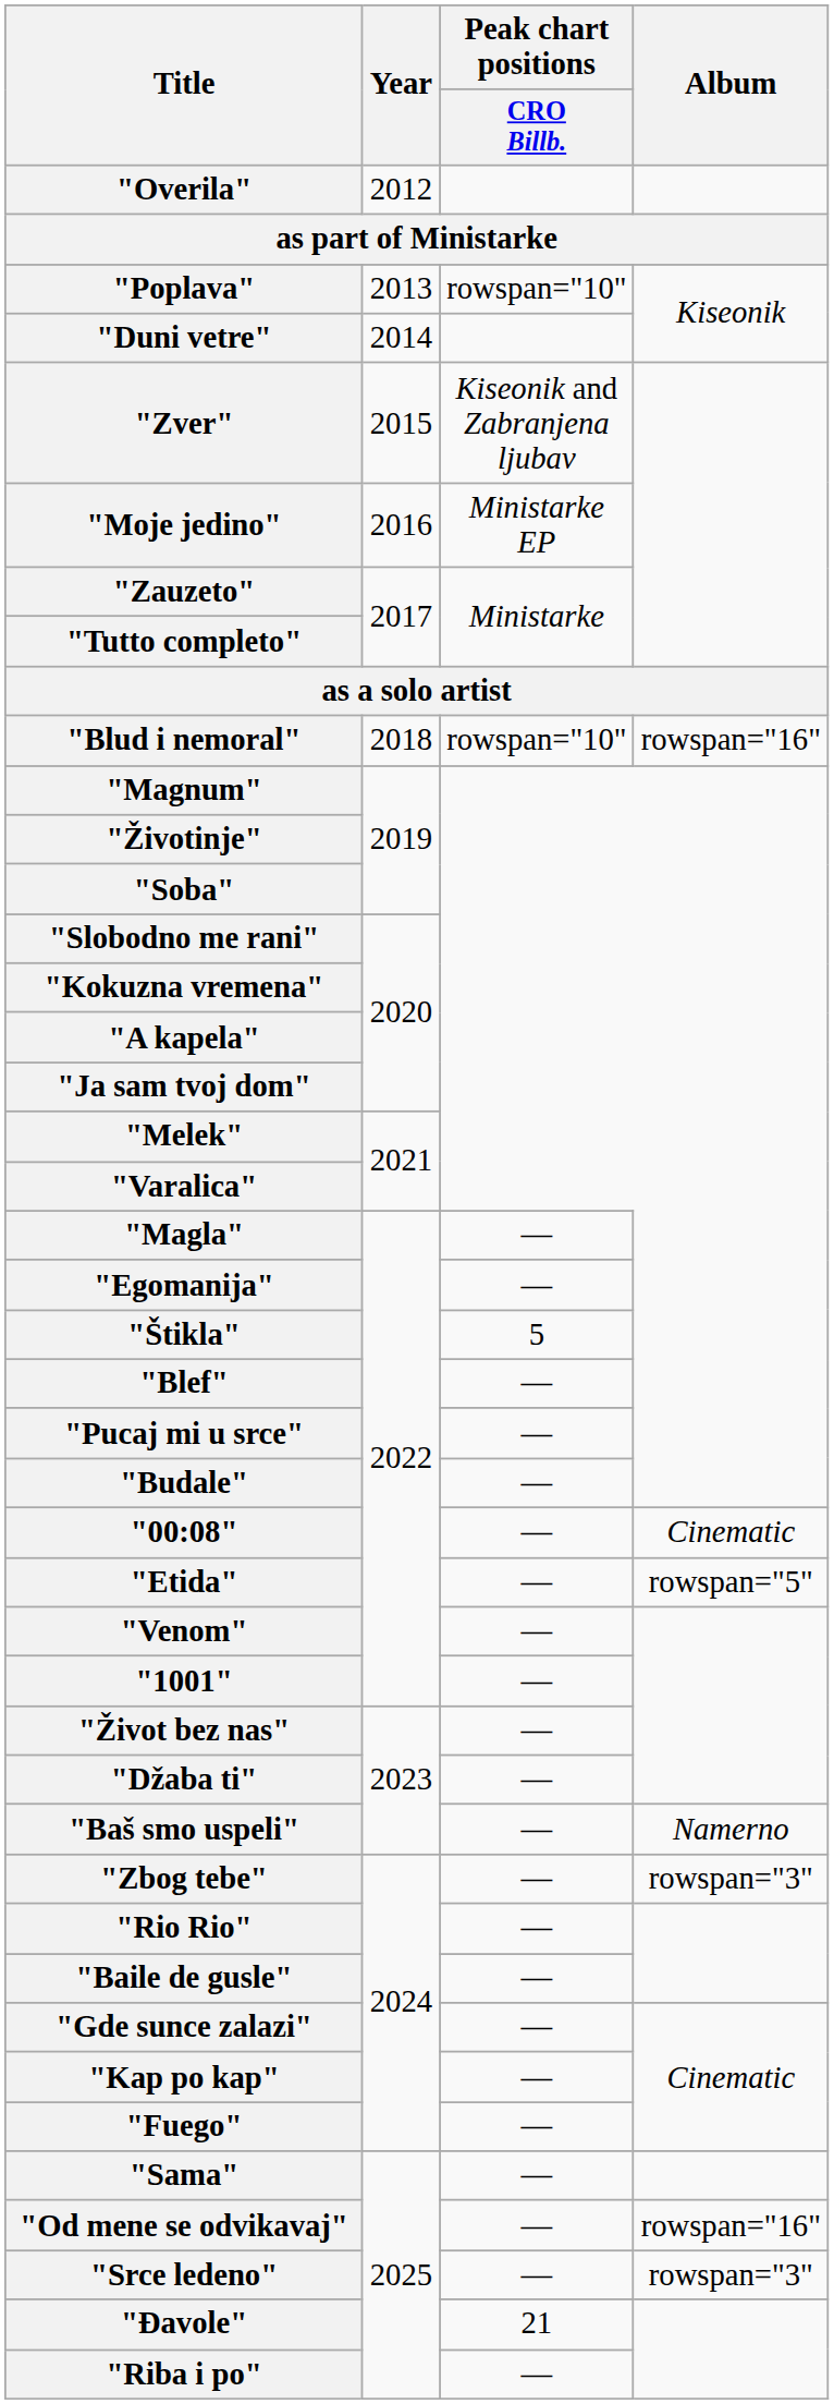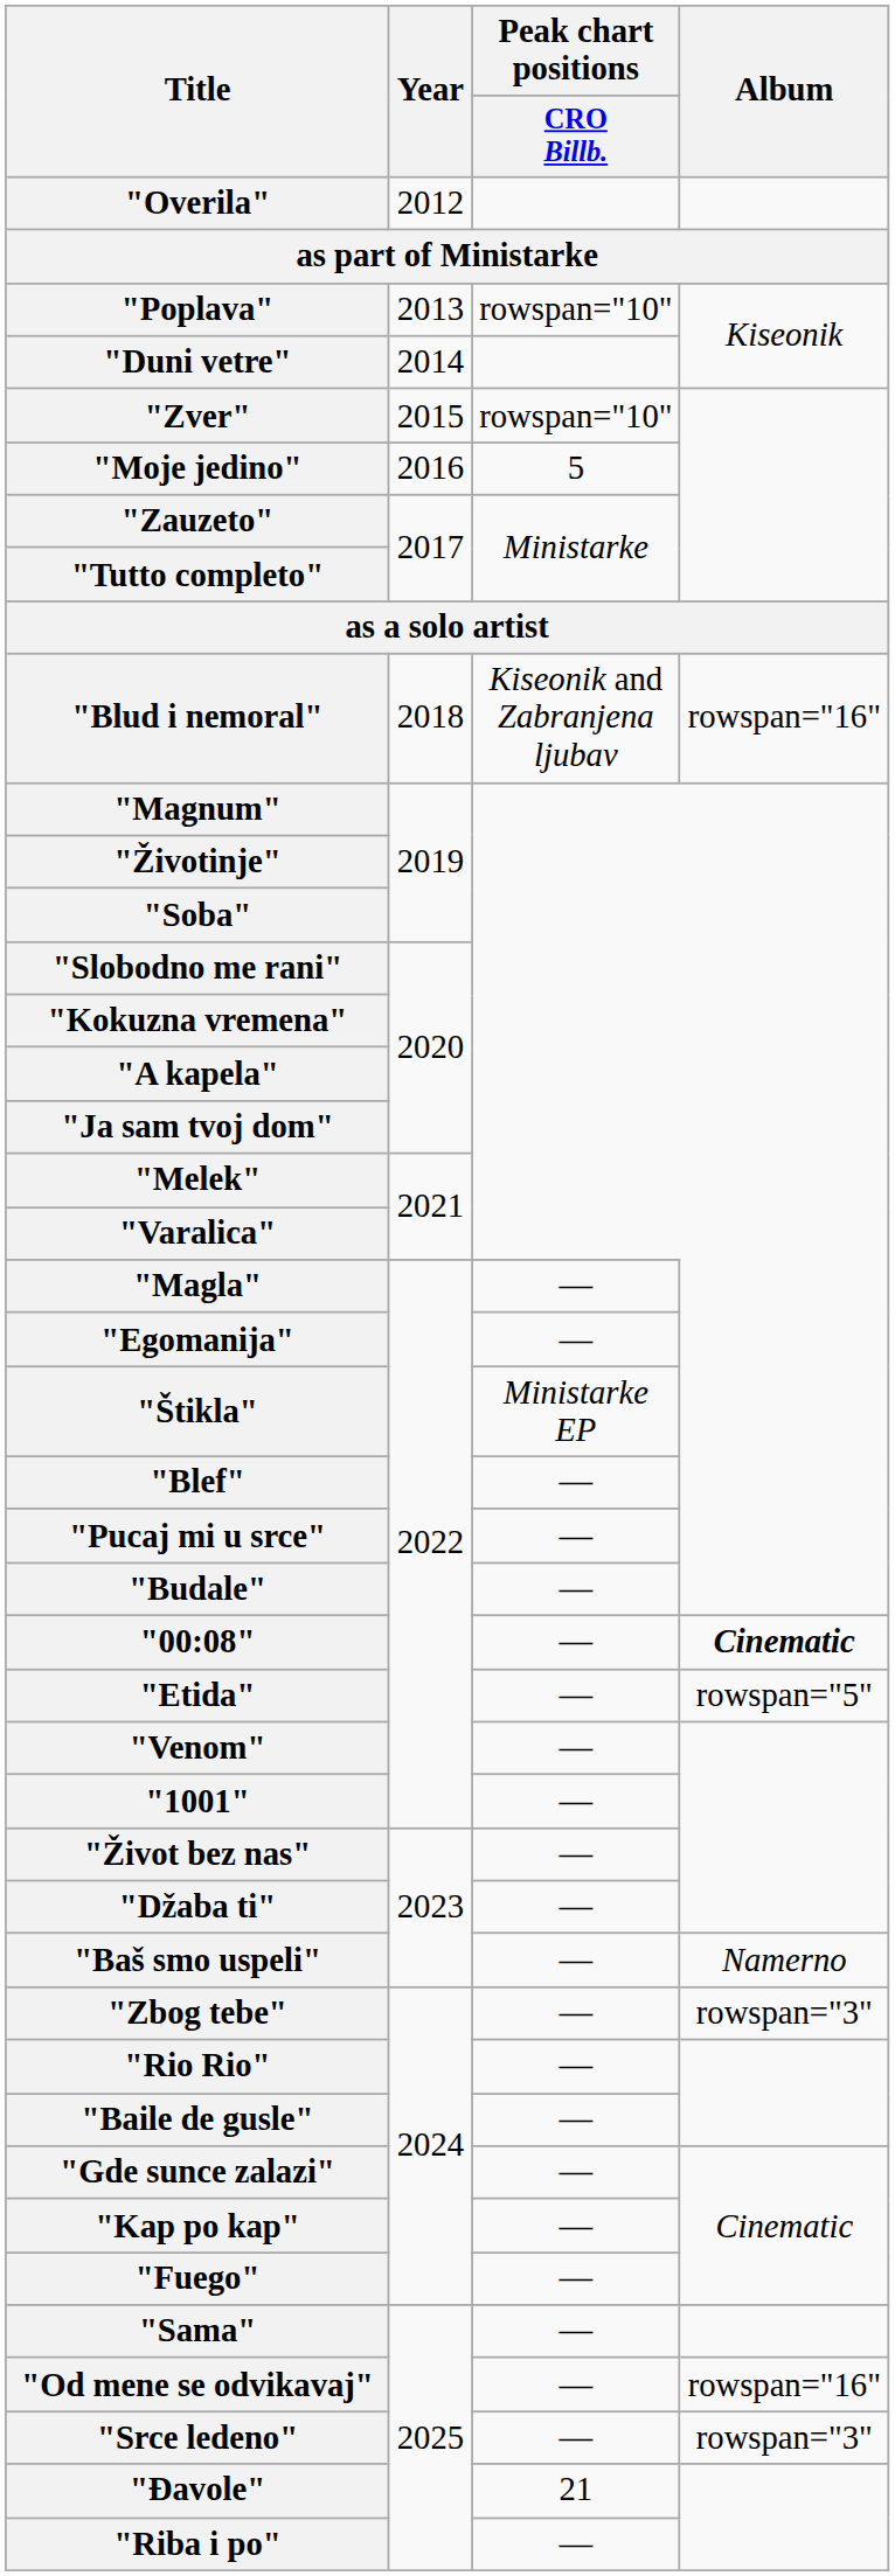 <table class="wikitable plainrowheaders" style="text-align:center;">
 <tr>
 <th rowspan="2" scope="col" style="width:11em;">Title</th>
 <th rowspan="2" scope="col">Year</th>
 <th>Peak chart positions</th>
 <th rowspan="2" scope="col">Album</th>
 </tr>
 <tr>
 <th style="width:2.5em; font-size:85%"><a href='#'>CRO<br><em>Billb.</em></a><br></th>
 </tr>
 <tr>
 <th scope="row">"Overila"</th>
 <td>2012</td>
 <td></td>
 <td></td>
 </tr>
 <tr>
 <th colspan="4" scope="col">as part of Ministarke</th>
 </tr>
 <tr>
 <th scope="row">"Poplava"<br></th>
 <td>2013</td>
 <td>rowspan="10" </td>
 <td rowspan="2"><em>Kiseonik</em></td>
 </tr>
 <tr>
 <th scope="row">"Duni vetre"</th>
 <td>2014</td>
 </tr>
 <tr>
 <th scope="row">"Zver"<br></th>
 <td>2015</td>
-<td><em>Kiseonik</em> and <em>Zabranjena ljubav</em></td>
+<td>rowspan="10" </td>
 </tr>
 <tr>
 <th scope="row">"Moje jedino"</th>
 <td>2016</td>
-<td><em>Ministarke EP</em></td>
+<td>5</td>
 </tr>
 <tr>
 <th scope="row">"Zauzeto"</th>
 <td rowspan="2">2017</td>
 <td rowspan="2"><em>Ministarke</em></td>
 </tr>
 <tr>
 <th scope="row">"Tutto completo"</th>
 </tr>
 <tr>
 <th colspan="4" scope="col">as a solo artist</th>
 </tr>
 <tr>
 <th scope="row">"Blud i nemoral"<br></th>
 <td>2018</td>
-<td>rowspan="10" </td>
+<td><em>Kiseonik</em> and <em>Zabranjena ljubav</em></td>
 <td>rowspan="16" </td>
 </tr>
 <tr>
 <th scope="row">"Magnum"</th>
 <td rowspan="3">2019</td>
 </tr>
 <tr>
 <th scope="row">"Životinje"</th>
 </tr>
 <tr>
 <th scope="row">"Soba"</th>
 </tr>
 <tr>
 <th scope="row">"Slobodno me rani"</th>
 <td rowspan="4">2020</td>
 </tr>
 <tr>
 <th scope="row">"Kokuzna vremena"</th>
 </tr>
 <tr>
 <th scope="row">"A kapela"</th>
 </tr>
 <tr>
 <th scope="row">"Ja sam tvoj dom"</th>
 </tr>
 <tr>
 <th scope="row">"Melek"</th>
 <td rowspan="2">2021</td>
 </tr>
 <tr>
 <th scope="row">"Varalica"<br></th>
 </tr>
 <tr>
 <th scope="row">"Magla"<br></th>
 <td rowspan="10">2022</td>
 <td>—</td>
 </tr>
 <tr>
 <th scope="row">"Egomanija"</th>
 <td>—</td>
 </tr>
 <tr>
 <th scope="row">"Štikla"</th>
-<td>5</td>
+<td><em>Ministarke EP</em></td>
 </tr>
 <tr>
 <th scope="row">"Blef"<br></th>
 <td>—</td>
 </tr>
 <tr>
 <th scope="row">"Pucaj mi u srce"</th>
 <td>—</td>
 </tr>
 <tr>
 <th scope="row">"Budale"<br></th>
 <td>—</td>
 </tr>
 <tr>
 <th scope="row">"00:08"</th>
 <td>—</td>
-<td><em>Cinematic</em></td>
+<td><strong><em>Cinematic</em></strong></td>
 </tr>
 <tr>
 <th scope="row">"Etida"<br></th>
 <td>—</td>
 <td>rowspan="5" </td>
 </tr>
 <tr>
 <th scope="row">"Venom"</th>
 <td>—</td>
 </tr>
 <tr>
 <th scope="row">"1001"</th>
 <td>—</td>
 </tr>
 <tr>
 <th scope="row">"Život bez nas"</th>
 <td rowspan="3">2023</td>
 <td>—</td>
 </tr>
 <tr>
 <th scope="row">"Džaba ti"</th>
 <td>—</td>
 </tr>
 <tr>
 <th scope="row">"Baš smo uspeli"<br></th>
 <td>—</td>
 <td><em>Namerno</em></td>
 </tr>
 <tr>
 <th scope="row">"Zbog tebe"<br></th>
 <td rowspan="6">2024</td>
 <td>—</td>
 <td>rowspan="3" </td>
 </tr>
 <tr>
 <th scope="row">"Rio Rio"<br></th>
 <td>—</td>
 </tr>
 <tr>
 <th scope="row">"Baile de gusle"<br></th>
 <td>—</td>
 </tr>
 <tr>
 <th scope="row">"Gde sunce zalazi"</th>
 <td>—</td>
 <td rowspan="3"><em>Cinematic</em></td>
 </tr>
 <tr>
 <th scope="row">"Kap po kap"</th>
 <td>—</td>
 </tr>
 <tr>
 <th scope="row">"Fuego"</th>
 <td>—</td>
 </tr>
 <tr>
 <th scope="row">"Sama"</th>
 <td rowspan="5">2025</td>
 <td>—</td>
 <td></td>
 </tr>
 <tr>
 <th scope="row">"Od mene se odvikavaj"</th>
 <td>—</td>
 <td>rowspan="16" </td>
 </tr>
 <tr>
 <th scope="row">"Srce ledeno"<br></th>
 <td>—</td>
 <td>rowspan="3" </td>
 </tr>
 <tr>
 <th scope="row">"Đavole"<br></th>
 <td>21</td>
 </tr>
 <tr>
 <th scope="row">"Riba i po"</th>
 <td>—</td>
 </tr>
 </table>
